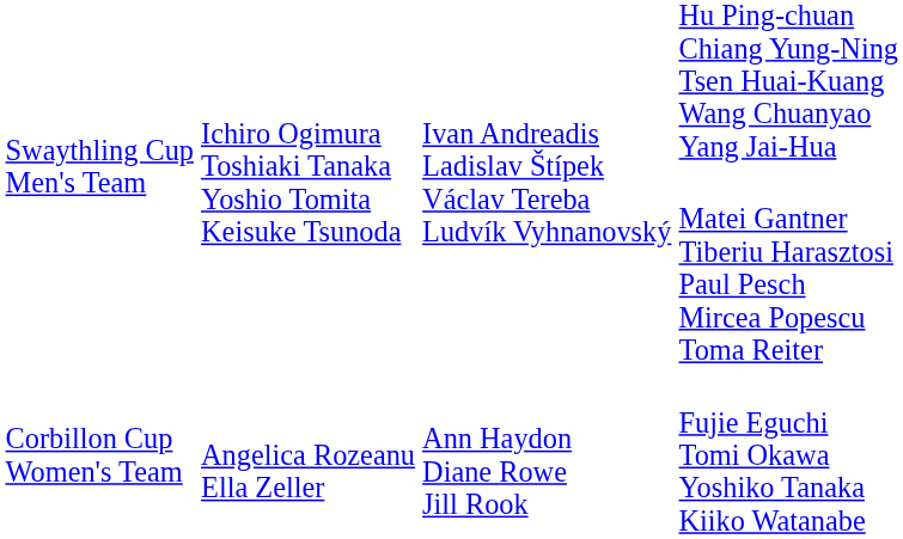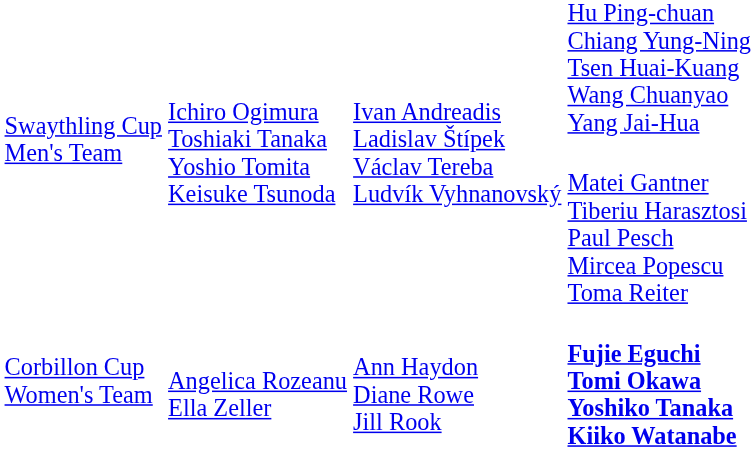 <table>
 <tr>
 <td rowspan=2><a href='#'>Swaythling Cup<br>Men's Team</a></td>
 <td rowspan=2><br><a href='#'>Ichiro Ogimura</a><br><a href='#'>Toshiaki Tanaka</a><br><a href='#'>Yoshio Tomita</a><br><a href='#'>Keisuke Tsunoda</a></td>
 <td rowspan=2><br><a href='#'>Ivan Andreadis</a><br><a href='#'>Ladislav Štípek</a><br><a href='#'>Václav Tereba</a><br><a href='#'>Ludvík Vyhnanovský</a></td>
 <td><br><a href='#'>Hu Ping-chuan</a><br><a href='#'>Chiang Yung-Ning</a><br><a href='#'>Tsen Huai-Kuang</a><br><a href='#'>Wang Chuanyao</a><br><a href='#'>Yang Jai-Hua</a></td>
 </tr>
 <tr>
 <td><br><a href='#'>Matei Gantner</a><br><a href='#'>Tiberiu Harasztosi</a><br><a href='#'>Paul Pesch</a><br><a href='#'>Mircea Popescu</a><br><a href='#'>Toma Reiter</a></td>
 </tr>
 <tr>
 <td><a href='#'>Corbillon Cup<br>Women's Team</a></td>
 <td><br><a href='#'>Angelica Rozeanu</a><br><a href='#'>Ella Zeller</a></td>
 <td><br><a href='#'>Ann Haydon</a><br><a href='#'>Diane Rowe</a><br><a href='#'>Jill Rook</a></td>
-<td><br><a href='#'>Fujie Eguchi</a><br><a href='#'>Tomi Okawa</a><br><a href='#'>Yoshiko Tanaka</a><br><a href='#'>Kiiko Watanabe</a></td>
+<td><strong><br><a href='#'>Fujie Eguchi</a><br><a href='#'>Tomi Okawa</a><br><a href='#'>Yoshiko Tanaka</a><br><a href='#'>Kiiko Watanabe</a></strong></td>
 </tr>
 </table>
